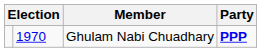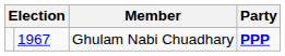 <table class="wikitable">
 <tr>
 <th colspan="2">Election</th>
 <th>Member</th>
 <th>Party</th>
 </tr>
 <tr>
 <td style="background-color: "></td>
-<td><a href='#'>1970</a></td>
+<td><a href='#'>1967</a></td>
 <td>Ghulam Nabi Chuadhary</td>
 <td><strong><a href='#'>PPP</a></strong></td>
 </tr>
 </table>
